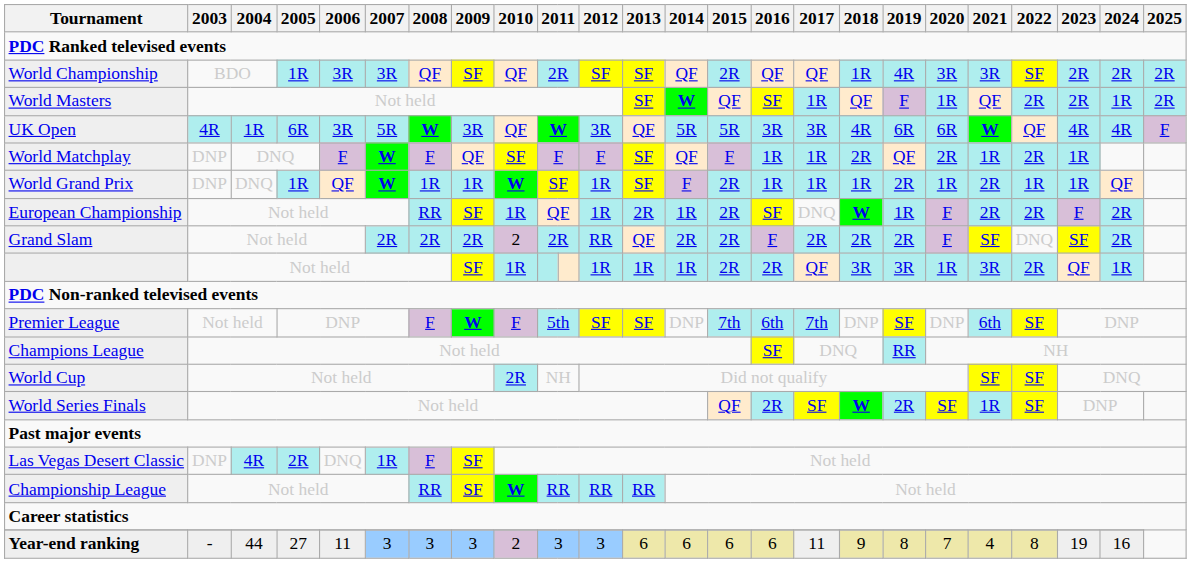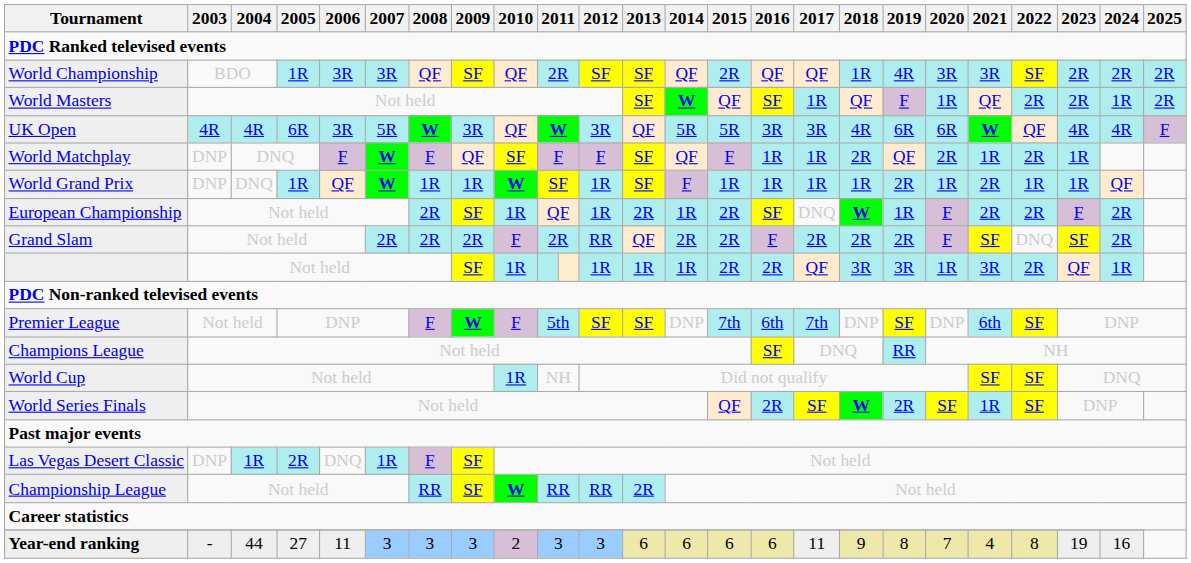 <table class="wikitable">
 <tr>
 <th>Tournament</th>
 <th>2003</th>
 <th>2004</th>
 <th>2005</th>
 <th>2006</th>
 <th>2007</th>
 <th>2008</th>
 <th>2009</th>
 <th>2010</th>
 <th colspan="2">2011</th>
 <th>2012</th>
 <th>2013</th>
 <th>2014</th>
 <th>2015</th>
 <th>2016</th>
 <th>2017</th>
 <th>2018</th>
 <th>2019</th>
 <th>2020</th>
 <th>2021</th>
 <th>2022</th>
 <th>2023</th>
 <th>2024</th>
 <th>2025</th>
 </tr>
 <tr>
 <td colspan="26" align="left"><strong><a href='#'>PDC</a> Ranked televised events</strong></td>
 </tr>
 <tr>
 <td style="background:#efefef;"><a href='#'>World Championship</a></td>
 <td colspan="2" style="text-align:center; color:#ccc;">BDO</td>
 <td style="text-align:center; background:#afeeee;"><a href='#'>1R</a></td>
 <td style="text-align:center; background:#afeeee;"><a href='#'>3R</a></td>
 <td style="text-align:center; background:#afeeee;"><a href='#'>3R</a></td>
 <td style="text-align:center; background:#ffebcd;"><a href='#'>QF</a></td>
 <td style="text-align:center; background:yellow;"><a href='#'>SF</a></td>
 <td style="text-align:center; background:#ffebcd;"><a href='#'>QF</a></td>
 <td colspan="2" style="text-align:center; background:#afeeee;"><a href='#'>2R</a></td>
 <td style="text-align:center; background:yellow;"><a href='#'>SF</a></td>
 <td style="text-align:center; background:yellow;"><a href='#'>SF</a></td>
 <td style="text-align:center; background:#ffebcd;"><a href='#'>QF</a></td>
 <td style="text-align:center; background:#afeeee;"><a href='#'>2R</a></td>
 <td style="text-align:center; background:#ffebcd;"><a href='#'>QF</a></td>
 <td style="text-align:center; background:#ffebcd;"><a href='#'>QF</a></td>
 <td style="text-align:center; background:#afeeee;"><a href='#'>1R</a></td>
 <td style="text-align:center; background:#afeeee;"><a href='#'>4R</a></td>
 <td style="text-align:center; background:#afeeee;"><a href='#'>3R</a></td>
 <td style="text-align:center; background:#afeeee;"><a href='#'>3R</a></td>
 <td style="text-align:center; background:yellow;"><a href='#'>SF</a></td>
 <td style="text-align:center; background:#afeeee;"><a href='#'>2R</a></td>
 <td style="text-align:center; background:#afeeee;"><a href='#'>2R</a></td>
 <td style="text-align:center; background:#afeeee;"><a href='#'>2R</a></td>
 </tr>
 <tr>
 <td style="background:#efefef;"><a href='#'>World Masters</a></td>
 <td colspan="11" style="text-align:center; color:#ccc;">Not held</td>
 <td style="text-align:center; background:yellow;"><a href='#'>SF</a></td>
 <td style="text-align:center; background:lime;"><strong><a href='#'>W</a></strong></td>
 <td style="text-align:center; background:#ffebcd;"><a href='#'>QF</a></td>
 <td style="text-align:center; background:yellow;"><a href='#'>SF</a></td>
 <td style="text-align:center; background:#afeeee;"><a href='#'>1R</a></td>
 <td style="text-align:center; background:#ffebcd;"><a href='#'>QF</a></td>
 <td style="text-align:center; background:thistle;"><a href='#'>F</a></td>
 <td style="text-align:center; background:#afeeee;"><a href='#'>1R</a></td>
 <td style="text-align:center; background:#ffebcd;"><a href='#'>QF</a></td>
 <td style="text-align:center; background:#afeeee;"><a href='#'>2R</a></td>
 <td style="text-align:center; background:#afeeee;"><a href='#'>2R</a></td>
 <td style="text-align:center; background:#afeeee;"><a href='#'>1R</a></td>
 <td style="text-align:center; background:#afeeee;"><a href='#'>2R</a></td>
 </tr>
 <tr>
 <td style="background:#efefef;"><a href='#'>UK Open</a></td>
 <td style="text-align:center; background:#afeeee;"><a href='#'>4R</a></td>
-<td style="text-align:center; background:#afeeee;"><a href='#'>1R</a></td>
+<td style="text-align:center; background:#afeeee;"><a href='#'>4R</a></td>
 <td style="text-align:center; background:#afeeee;"><a href='#'>6R</a></td>
 <td style="text-align:center; background:#afeeee;"><a href='#'>3R</a></td>
 <td style="text-align:center; background:#afeeee;"><a href='#'>5R</a></td>
 <td style="text-align:center; background:lime;"><strong><a href='#'>W</a></strong></td>
 <td style="text-align:center; background:#afeeee;"><a href='#'>3R</a></td>
 <td style="text-align:center; background:#ffebcd;"><a href='#'>QF</a></td>
 <td colspan="2" style="text-align:center; background:lime;"><strong><a href='#'>W</a></strong></td>
 <td style="text-align:center; background:#afeeee;"><a href='#'>3R</a></td>
 <td style="text-align:center; background:#ffebcd;"><a href='#'>QF</a></td>
 <td style="text-align:center; background:#afeeee;"><a href='#'>5R</a></td>
 <td style="text-align:center; background:#afeeee;"><a href='#'>5R</a></td>
 <td style="text-align:center; background:#afeeee;"><a href='#'>3R</a></td>
 <td style="text-align:center; background:#afeeee;"><a href='#'>3R</a></td>
 <td style="text-align:center; background:#afeeee;"><a href='#'>4R</a></td>
 <td style="text-align:center; background:#afeeee;"><a href='#'>6R</a></td>
 <td style="text-align:center; background:#afeeee;"><a href='#'>6R</a></td>
 <td style="text-align:center; background:lime;"><strong><a href='#'>W</a></strong></td>
 <td style="text-align:center; background:#ffebcd;"><a href='#'>QF</a></td>
 <td style="text-align:center; background:#afeeee;"><a href='#'>4R</a></td>
 <td style="text-align:center; background:#afeeee;"><a href='#'>4R</a></td>
 <td style="text-align:center; background:thistle;"><a href='#'>F</a></td>
 </tr>
 <tr>
 <td style="background:#efefef;"><a href='#'>World Matchplay</a></td>
 <td style="text-align:center; color:#ccc;">DNP</td>
 <td colspan="2" style="text-align:center; color:#ccc;">DNQ</td>
 <td style="text-align:center; background:thistle;"><a href='#'>F</a></td>
 <td style="text-align:center; background:lime;"><strong><a href='#'>W</a></strong></td>
 <td style="text-align:center; background:thistle;"><a href='#'>F</a></td>
 <td style="text-align:center; background:#ffebcd;"><a href='#'>QF</a></td>
 <td style="text-align:center; background:yellow;"><a href='#'>SF</a></td>
 <td colspan="2" style="text-align:center; background:thistle;"><a href='#'>F</a></td>
 <td style="text-align:center; background:thistle;"><a href='#'>F</a></td>
 <td style="text-align:center; background:yellow;"><a href='#'>SF</a></td>
 <td style="text-align:center; background:#ffebcd;"><a href='#'>QF</a></td>
 <td style="text-align:center; background:thistle;"><a href='#'>F</a></td>
 <td style="text-align:center; background:#afeeee;"><a href='#'>1R</a></td>
 <td style="text-align:center; background:#afeeee;"><a href='#'>1R</a></td>
 <td style="text-align:center; background:#afeeee;"><a href='#'>2R</a></td>
 <td style="text-align:center; background:#ffebcd;"><a href='#'>QF</a></td>
 <td style="text-align:center; background:#afeeee;"><a href='#'>2R</a></td>
 <td style="text-align:center; background:#afeeee;"><a href='#'>1R</a></td>
 <td style="text-align:center; background:#afeeee;"><a href='#'>2R</a></td>
 <td style="text-align:center; background:#afeeee;"><a href='#'>1R</a></td>
 <td></td>
 <td></td>
 </tr>
 <tr>
 <td style="background:#efefef;"><a href='#'>World Grand Prix</a></td>
 <td style="text-align:center; color:#ccc;">DNP</td>
 <td style="text-align:center; color:#ccc;">DNQ</td>
 <td style="text-align:center; background:#afeeee;"><a href='#'>1R</a></td>
 <td style="text-align:center; background:#ffebcd;"><a href='#'>QF</a></td>
 <td style="text-align:center; background:lime;"><strong><a href='#'>W</a></strong></td>
 <td style="text-align:center; background:#afeeee;"><a href='#'>1R</a></td>
 <td style="text-align:center; background:#afeeee;"><a href='#'>1R</a></td>
 <td style="text-align:center; background:lime;"><strong><a href='#'>W</a></strong></td>
 <td colspan="2" style="text-align:center; background:yellow;"><a href='#'>SF</a></td>
 <td style="text-align:center; background:#afeeee;"><a href='#'>1R</a></td>
 <td style="text-align:center; background:yellow;"><a href='#'>SF</a></td>
 <td style="text-align:center; background:thistle;"><a href='#'>F</a></td>
-<td style="text-align:center; background:#afeeee;"><a href='#'>2R</a></td>
+<td style="text-align:center; background:#afeeee;"><a href='#'>1R</a></td>
 <td style="text-align:center; background:#afeeee;"><a href='#'>1R</a></td>
 <td style="text-align:center; background:#afeeee;"><a href='#'>1R</a></td>
 <td style="text-align:center; background:#afeeee;"><a href='#'>1R</a></td>
 <td style="text-align:center; background:#afeeee;"><a href='#'>2R</a></td>
 <td style="text-align:center; background:#afeeee;"><a href='#'>1R</a></td>
 <td style="text-align:center; background:#afeeee;"><a href='#'>2R</a></td>
 <td style="text-align:center; background:#afeeee;"><a href='#'>1R</a></td>
 <td style="text-align:center; background:#afeeee;"><a href='#'>1R</a></td>
 <td style="text-align:center; background:#ffebcd;"><a href='#'>QF</a></td>
 <td></td>
 </tr>
 <tr>
 <td style="background:#efefef;"><a href='#'>European Championship</a></td>
 <td colspan="5" style="text-align:center; color:#ccc;">Not held</td>
-<td style="text-align:center; background:#afeeee;"><a href='#'>RR</a></td>
+<td style="text-align:center; background:#afeeee;"><a href='#'>2R</a></td>
 <td style="text-align:center; background:yellow;"><a href='#'>SF</a></td>
 <td style="text-align:center; background:#afeeee;"><a href='#'>1R</a></td>
 <td colspan="2" style="text-align:center; background:#ffebcd;"><a href='#'>QF</a></td>
 <td style="text-align:center; background:#afeeee;"><a href='#'>1R</a></td>
 <td style="text-align:center; background:#afeeee;"><a href='#'>2R</a></td>
 <td style="text-align:center; background:#afeeee;"><a href='#'>1R</a></td>
 <td style="text-align:center; background:#afeeee;"><a href='#'>2R</a></td>
 <td style="text-align:center; background:yellow;"><a href='#'>SF</a></td>
 <td style="color:#ccc; text-align:center; color:#ccc;">DNQ</td>
 <td style="text-align:center; background:lime;"><strong><a href='#'>W</a></strong></td>
 <td style="text-align:center; background:#afeeee;"><a href='#'>1R</a></td>
 <td style="text-align:center; background:thistle;"><a href='#'>F</a></td>
 <td style="text-align:center; background:#afeeee;"><a href='#'>2R</a></td>
 <td style="text-align:center; background:#afeeee;"><a href='#'>2R</a></td>
 <td style="text-align:center; background:thistle;"><a href='#'>F</a></td>
 <td style="text-align:center; background:#afeeee;"><a href='#'>2R</a></td>
 <td></td>
 </tr>
 <tr>
 <td style="background:#efefef;"><a href='#'>Grand Slam</a></td>
 <td colspan="4" style="text-align:center; color:#ccc;">Not held</td>
 <td style="text-align:center; background:#afeeee;"><a href='#'>2R</a></td>
 <td style="text-align:center; background:#afeeee;"><a href='#'>2R</a></td>
 <td style="text-align:center; background:#afeeee;"><a href='#'>2R</a></td>
-<td style="text-align:center; background:thistle;">2</td>
+<td style="text-align:center; background:thistle;"><a href='#'>F</a></td>
 <td colspan="2" style="text-align:center; background:#afeeee;"><a href='#'>2R</a></td>
 <td style="text-align:center; background:#afeeee;"><a href='#'>RR</a></td>
 <td style="text-align:center; background:#ffebcd;"><a href='#'>QF</a></td>
 <td style="text-align:center; background:#afeeee;"><a href='#'>2R</a></td>
 <td style="text-align:center; background:#afeeee;"><a href='#'>2R</a></td>
 <td style="text-align:center; background:thistle;"><a href='#'>F</a></td>
 <td style="text-align:center; background:#afeeee;"><a href='#'>2R</a></td>
 <td style="text-align:center; background:#afeeee;"><a href='#'>2R</a></td>
 <td style="text-align:center; background:#afeeee;"><a href='#'>2R</a></td>
 <td style="text-align:center; background:thistle;"><a href='#'>F</a></td>
 <td style="text-align:center; background:yellow;"><a href='#'>SF</a></td>
 <td style="color:#ccc; text-align:center; color:#ccc;">DNQ</td>
 <td style="text-align:center; background:yellow;"><a href='#'>SF</a></td>
 <td style="text-align:center; background:#afeeee;"><a href='#'>2R</a></td>
 <td></td>
 </tr>
 <tr>
 <td style="background:#efefef;"></td>
 <td colspan="6" style="text-align:center; color:#ccc;">Not held</td>
 <td style="text-align:center; background:yellow;"><a href='#'>SF</a></td>
 <td style="text-align:center; background:#afeeee;"><a href='#'>1R</a></td>
 <td style="text-align:center; background:#afeeee;"></td>
 <td style="text-align:center; background:#ffebcd;"></td>
 <td style="text-align:center; background:#afeeee;"><a href='#'>1R</a></td>
 <td style="text-align:center; background:#afeeee;"><a href='#'>1R</a></td>
 <td style="text-align:center; background:#afeeee;"><a href='#'>1R</a></td>
 <td style="text-align:center; background:#afeeee;"><a href='#'>2R</a></td>
 <td style="text-align:center; background:#afeeee;"><a href='#'>2R</a></td>
 <td style="text-align:center; background:#ffebcd;"><a href='#'>QF</a></td>
 <td style="text-align:center; background:#afeeee;"><a href='#'>3R</a></td>
 <td style="text-align:center; background:#afeeee;"><a href='#'>3R</a></td>
 <td style="text-align:center; background:#afeeee;"><a href='#'>1R</a></td>
 <td style="text-align:center; background:#afeeee;"><a href='#'>3R</a></td>
 <td style="text-align:center; background:#afeeee;"><a href='#'>2R</a></td>
 <td style="text-align:center; background:#ffebcd;"><a href='#'>QF</a></td>
 <td style="text-align:center; background:#afeeee;"><a href='#'>1R</a></td>
 <td></td>
 </tr>
 <tr>
 <td colspan="26" align="left"><strong><a href='#'>PDC</a> Non-ranked televised events</strong></td>
 </tr>
 <tr>
 <td style="background:#efefef;"><a href='#'>Premier League</a></td>
 <td colspan="2" style="text-align:center; color:#ccc;">Not held</td>
 <td colspan="3" style="text-align:center; color:#ccc;">DNP</td>
 <td style="text-align:center; background:thistle;"><a href='#'>F</a></td>
 <td style="text-align:center; background:lime;"><strong><a href='#'>W</a></strong></td>
 <td style="text-align:center; background:thistle;"><a href='#'>F</a></td>
 <td colspan="2" style="text-align:center; background:#afeeee;"><a href='#'>5th</a></td>
 <td style="text-align:center; background:yellow;"><a href='#'>SF</a></td>
 <td style="text-align:center; background:yellow;"><a href='#'>SF</a></td>
 <td style="text-align:center; color:#ccc;">DNP</td>
 <td Style="text-align:center; background:#afeeee;"><a href='#'>7th</a></td>
 <td style="text-align:center; background:#afeeee;"><a href='#'>6th</a></td>
 <td style="text-align:center; background:#afeeee;"><a href='#'>7th</a></td>
 <td style="text-align:center; color:#ccc;">DNP</td>
 <td style="text-align:center; background:yellow;"><a href='#'>SF</a></td>
 <td style="text-align:center; color:#ccc;">DNP</td>
 <td style="text-align:center; background:#afeeee;"><a href='#'>6th</a></td>
 <td style="text-align:center; background:yellow;"><a href='#'>SF</a></td>
 <td colspan="3" style="text-align:center; color:#ccc;">DNP</td>
 </tr>
 <tr>
 <td style="background:#efefef;"><a href='#'>Champions League</a></td>
 <td colspan="14" style="text-align:center; color:#ccc;">Not held</td>
 <td style="text-align:center; background:yellow;"><a href='#'>SF</a></td>
 <td colspan="2" style="text-align:center; color:#ccc;">DNQ</td>
 <td style="text-align:center; background:#afeeee;"><a href='#'>RR</a></td>
 <td colspan="6" style="text-align:center; color:#ccc;">NH</td>
 </tr>
 <tr>
 <td style="background:#efefef;"><a href='#'>World Cup</a></td>
 <td colspan="7" style="text-align:center; color:#ccc;">Not held</td>
-<td style="text-align:center; background:#afeeee;"><a href='#'>2R</a></td>
+<td style="text-align:center; background:#afeeee;"><a href='#'>1R</a></td>
 <td colspan="2" style="text-align:center; color:#ccc;">NH</td>
 <td colspan="9" style="text-align:center; color:#ccc;">Did not qualify</td>
 <td style="text-align:center; background:yellow;"><a href='#'>SF</a></td>
 <td style="text-align:center; background:yellow;"><a href='#'>SF</a></td>
 <td colspan="3" style="text-align:center; color:#ccc;">DNQ</td>
 </tr>
 <tr>
 <td style="background:#efefef;"><a href='#'>World Series Finals</a></td>
 <td colspan="13" style="text-align:center; color:#ccc;">Not held</td>
 <td style="text-align:center; background:#ffebcd;"><a href='#'>QF</a></td>
 <td style="text-align:center; background:#afeeee;"><a href='#'>2R</a></td>
 <td style="text-align:center; background:yellow;"><a href='#'>SF</a></td>
 <td style="text-align:center; background:lime;"><strong><a href='#'>W</a></strong></td>
 <td style="text-align:center; background:#afeeee;"><a href='#'>2R</a></td>
 <td style="text-align:center; background:yellow;"><a href='#'>SF</a></td>
 <td style="text-align:center; background:#afeeee;"><a href='#'>1R</a></td>
 <td style="text-align:center; background:yellow;"><a href='#'>SF</a></td>
 <td colspan="2" style="text-align:center; color:#ccc;">DNP</td>
 <td></td>
 </tr>
 <tr>
 <td colspan="26" align="left"><strong>Past major events</strong></td>
 </tr>
 <tr>
 <td style="background:#efefef;"><a href='#'>Las Vegas Desert Classic</a></td>
 <td style="text-align:center; color:#ccc;">DNP</td>
-<td style="text-align:center; background:#afeeee;"><a href='#'>4R</a></td>
+<td style="text-align:center; background:#afeeee;"><a href='#'>1R</a></td>
 <td style="text-align:center; background:#afeeee;"><a href='#'>2R</a></td>
 <td style="text-align:center; color:#ccc;">DNQ</td>
 <td style="text-align:center; background:#afeeee;"><a href='#'>1R</a></td>
 <td style="text-align:center; background:thistle;"><a href='#'>F</a></td>
 <td style="text-align:center; background:yellow;"><a href='#'>SF</a></td>
 <td colspan="17" style="text-align:center; color:#ccc;">Not held</td>
 </tr>
 <tr>
 <td style="background:#efefef;"><a href='#'>Championship League</a></td>
 <td colspan="5" style="text-align:center; color:#ccc;">Not held</td>
 <td style="text-align:center; background:#afeeee;"><a href='#'>RR</a></td>
 <td style="text-align:center; background:yellow;"><a href='#'>SF</a></td>
 <td style="text-align:center; background:lime;"><strong><a href='#'>W</a></strong></td>
 <td colspan="2" style="text-align:center; background:#afeeee;"><a href='#'>RR</a></td>
 <td style="text-align:center; background:#afeeee;"><a href='#'>RR</a></td>
-<td style="text-align:center; background:#afeeee;"><a href='#'>RR</a></td>
+<td style="text-align:center; background:#afeeee;"><a href='#'>2R</a></td>
 <td colspan="12" style="text-align:center; color:#ccc;">Not held</td>
 </tr>
 <tr>
 <td colspan="26" align="left"><strong>Career statistics</strong></td>
 </tr>
 <tr>
 </tr>
 <tr bgcolor="efefef">
 <td align="left"><strong>Year-end ranking</strong></td>
 <td style="text-align:center;">-</td>
 <td style="text-align:center;">44</td>
 <td style="text-align:center;">27</td>
 <td style="text-align:center;">11</td>
 <td style="text-align:center; background:#99ccff;">3</td>
 <td style="text-align:center; background:#99ccff;">3</td>
 <td style="text-align:center; background:#99ccff;">3</td>
 <td style="text-align:center; background:thistle;">2</td>
 <td colspan=2 style="text-align:center; background:#99ccff;">3</td>
 <td style="text-align:center; background:#99ccff;">3</td>
 <td style="text-align:center; background:#eee8aa;">6</td>
 <td style="text-align:center; background:#eee8aa;">6</td>
 <td style="text-align:center; background:#eee8aa;">6</td>
 <td style="text-align:center; background:#eee8aa;">6</td>
 <td style="text-align:center;">11</td>
 <td style="text-align:center; background:#eee8aa;">9</td>
 <td style="text-align:center; background:#eee8aa;">8</td>
 <td style="text-align:center; background:#eee8aa;">7</td>
 <td style="text-align:center; background:#eee8aa;">4</td>
 <td style="text-align:center; background:#eee8aa;">8</td>
 <td style="text-align:center;">19</td>
 <td style="text-align:center;">16</td>
 </tr>
 </table>
